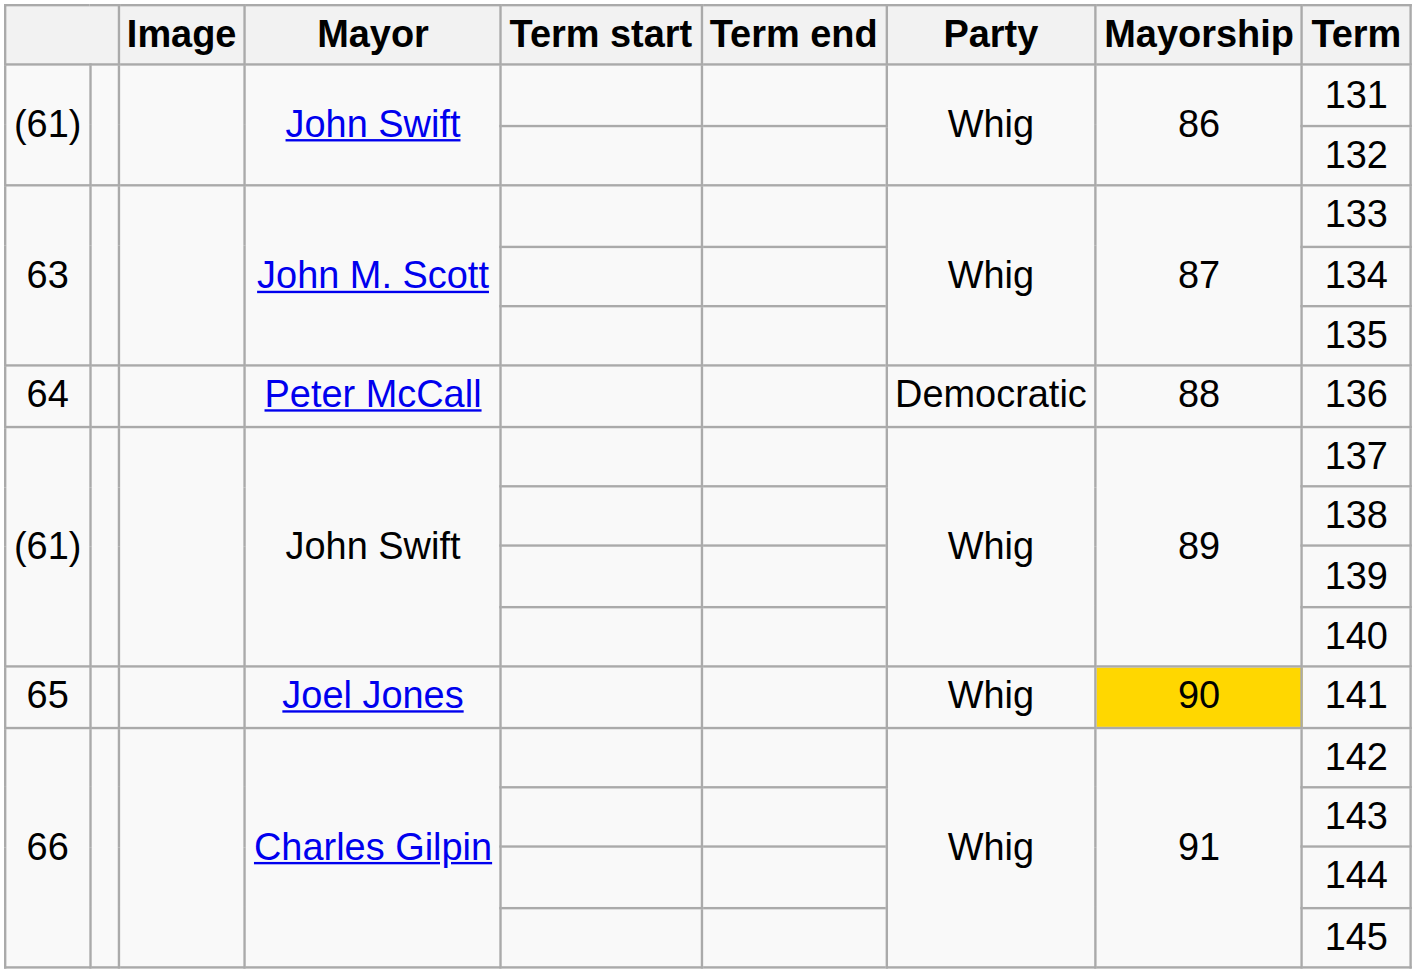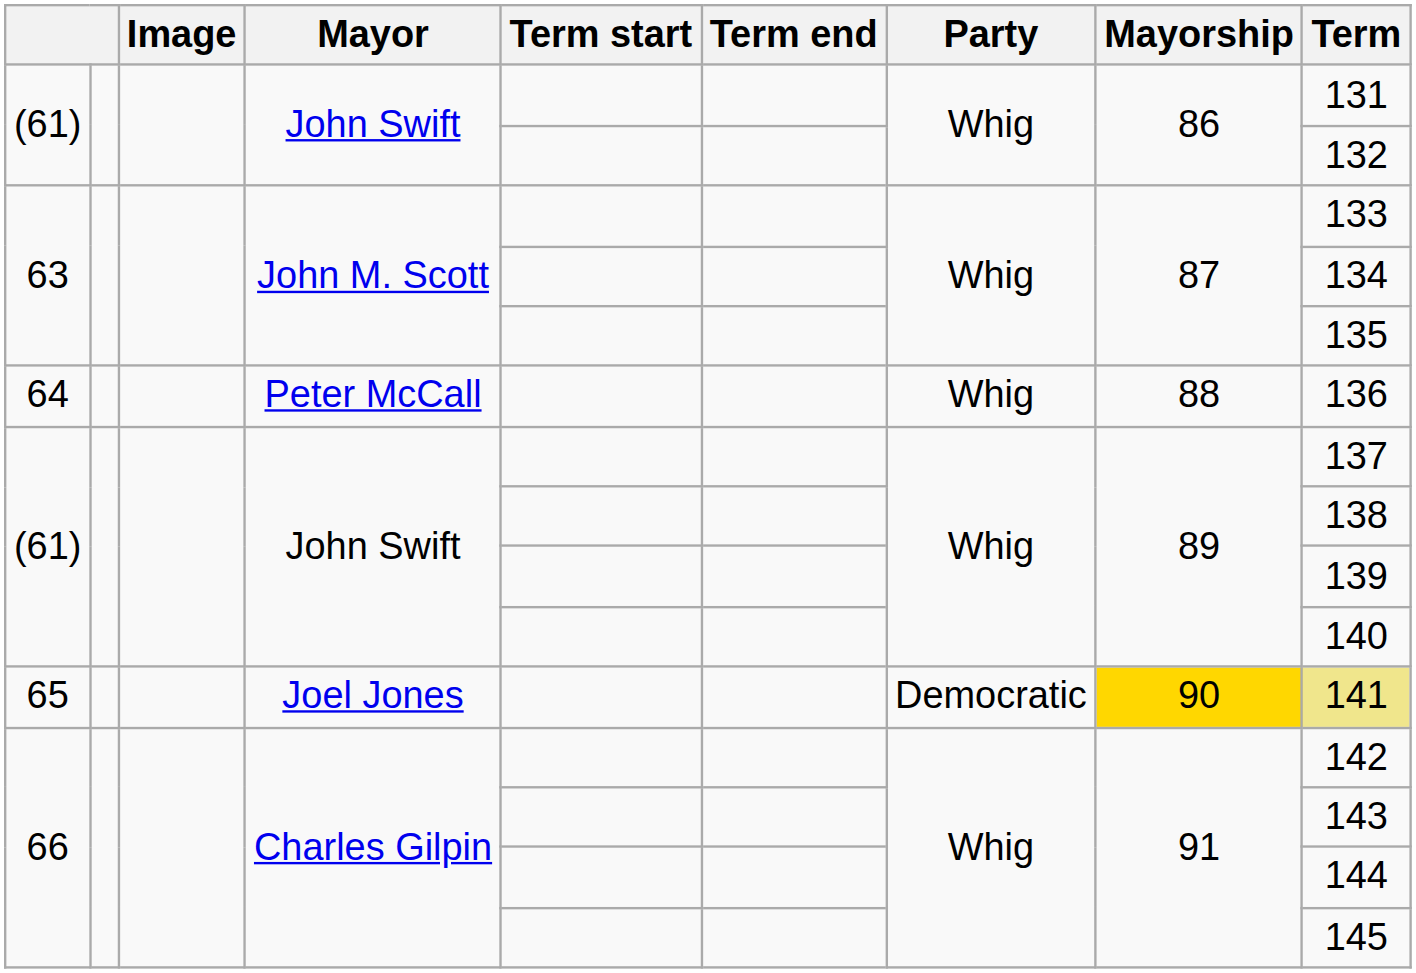 <table class="wikitable" style="text-align: center;">
 <tr>
 <th scope="col" colspan="2"></th>
 <th scope="col">Image</th>
 <th scope="col">Mayor</th>
 <th scope="col">Term start</th>
 <th scope="col">Term end</th>
 <th scope="col">Party</th>
 <th scope="col">Mayorship</th>
 <th scope="col">Term</th>
 </tr>
 <tr>
 <td rowspan="2">(61)</td>
 <td rowspan="2" style="background: "> </td>
 <td rowspan="2"></td>
 <td rowspan="2"><a href='#'>John Swift</a></td>
 <td></td>
 <td></td>
 <td rowspan="2">Whig</td>
 <td rowspan="2">86</td>
 <td>131</td>
 </tr>
 <tr>
 <td></td>
 <td></td>
 <td>132</td>
 </tr>
 <tr>
 <td rowspan="3">63</td>
 <td rowspan="3" style="background: "> </td>
 <td rowspan="3"></td>
 <td rowspan="3"><a href='#'>John M. Scott</a></td>
 <td></td>
 <td></td>
 <td rowspan="3">Whig</td>
 <td rowspan="3">87</td>
 <td>133</td>
 </tr>
 <tr>
 <td></td>
 <td></td>
 <td>134</td>
 </tr>
 <tr>
 <td></td>
 <td></td>
 <td>135</td>
 </tr>
 <tr>
 <td>64</td>
 <td style="background: "> </td>
 <td></td>
 <td><a href='#'>Peter McCall</a></td>
 <td></td>
 <td></td>
-<td>Democratic</td>
+<td>Whig</td>
 <td>88</td>
 <td>136</td>
 </tr>
 <tr>
 <td rowspan="4">(61)</td>
 <td rowspan="4" style="background: "> </td>
 <td rowspan="4"></td>
 <td rowspan="4">John Swift</td>
 <td></td>
 <td></td>
 <td rowspan="4">Whig</td>
 <td rowspan="4">89</td>
 <td>137</td>
 </tr>
 <tr>
 <td></td>
 <td></td>
 <td>138</td>
 </tr>
 <tr>
 <td></td>
 <td></td>
 <td>139</td>
 </tr>
 <tr>
 <td></td>
 <td></td>
 <td>140</td>
 </tr>
 <tr>
 <td>65</td>
 <td style="background: "> </td>
 <td></td>
 <td><a href='#'>Joel Jones</a></td>
 <td></td>
 <td></td>
-<td>Whig</td>
+<td>Democratic</td>
 <td style="background: gold;">90</td>
-<td>141</td>
+<td style="background: khaki;">141</td>
 </tr>
 <tr>
 <td rowspan="4">66</td>
 <td rowspan="4" style="background: "> </td>
 <td rowspan="4"></td>
 <td rowspan="4"><a href='#'>Charles Gilpin</a></td>
 <td></td>
 <td></td>
 <td rowspan="4">Whig</td>
 <td rowspan="4">91</td>
 <td>142</td>
 </tr>
 <tr>
 <td></td>
 <td></td>
 <td>143</td>
 </tr>
 <tr>
 <td></td>
 <td></td>
 <td>144</td>
 </tr>
 <tr>
 <td></td>
 <td></td>
 <td>145</td>
 </tr>
 </table>
